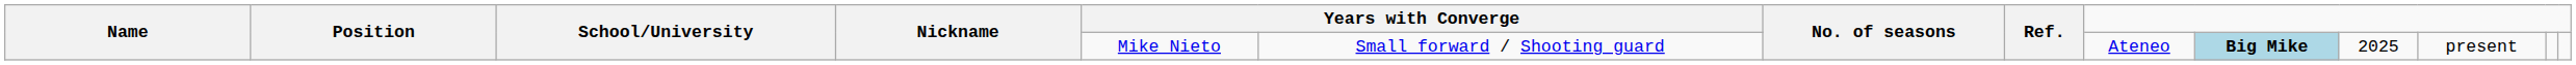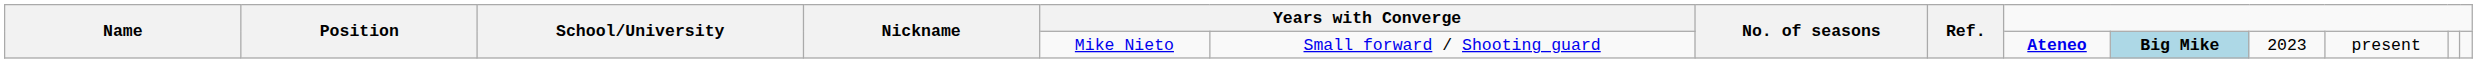 <table class="wikitable sortable" style="text-align:center" width="98%">
 <tr>
 <th style="width:180px;" rowspan="2">Name</th>
 <th style="width:180px;" rowspan="2">Position</th>
 <th style="width:250px;" rowspan="2">School/University</th>
 <th style="width:180px;" rowspan="2">Nickname</th>
 <th style="width:180px; text-align:center;" colspan="2">Years with Converge</th>
 <th rowspan="2">No. of seasons</th>
 <th rowspan="2"; class=unsortable>Ref.</th>
 </tr>
 <tr>
 <td><a href='#'>Mike Nieto</a></td>
 <td><a href='#'>Small forward</a> / <a href='#'>Shooting guard</a></td>
-<td><a href='#'>Ateneo</a></td>
+<td><strong><a href='#'>Ateneo</a></strong></td>
 <td style="background: lightblue;"><strong>Big Mike</strong></td>
-<td>2025</td>
+<td>2023</td>
 <td>present</td>
 <td></td>
 <td></td>
 </tr>
 </table>
